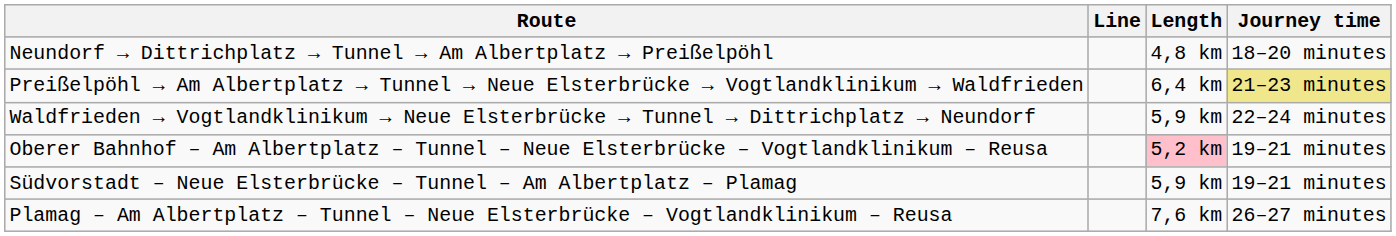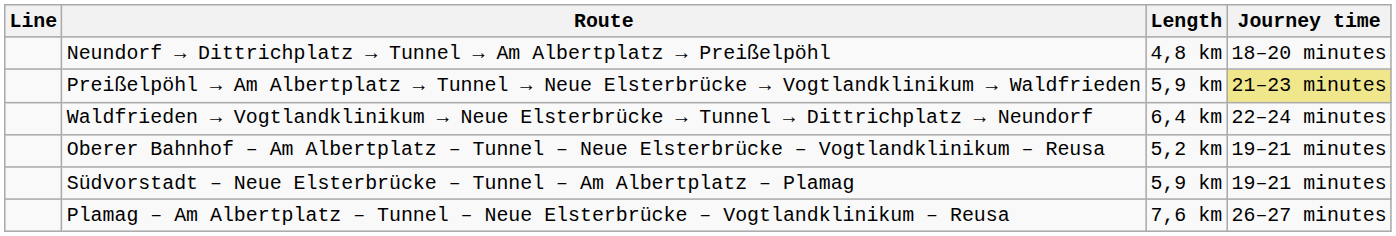 <table class="wikitable">
 <tr>
+<th>Line</th>
 <th>Route</th>
-<th>Line</th>
 <th>Length</th>
 <th>Journey time</th>
 </tr>
 <tr>
+<td></td>
 <td>Neundorf → Dittrichplatz → Tunnel → Am Albertplatz → Preißelpöhl</td>
-<td></td>
 <td>4,8 km</td>
 <td>18–20 minutes</td>
 </tr>
 <tr>
+<td></td>
 <td>Preißelpöhl → Am Albertplatz → Tunnel → Neue Elsterbrücke → Vogtlandklinikum → Waldfrieden</td>
-<td></td>
-<td>6,4 km</td>
+<td>5,9 km</td>
 <td style="background: khaki;">21–23 minutes</td>
 </tr>
 <tr>
+<td></td>
 <td>Waldfrieden → Vogtlandklinikum → Neue Elsterbrücke → Tunnel → Dittrichplatz → Neundorf</td>
-<td></td>
-<td>5,9 km</td>
+<td>6,4 km</td>
 <td>22–24 minutes</td>
 </tr>
 <tr>
+<td></td>
 <td>Oberer Bahnhof – Am Albertplatz – Tunnel – Neue Elsterbrücke – Vogtlandklinikum – Reusa</td>
-<td></td>
-<td style="background: pink;">5,2 km</td>
+<td>5,2 km</td>
 <td>19–21 minutes</td>
 </tr>
 <tr>
+<td></td>
 <td>Südvorstadt – Neue Elsterbrücke – Tunnel – Am Albertplatz – Plamag</td>
-<td></td>
 <td>5,9 km</td>
 <td>19–21 minutes</td>
 </tr>
 <tr>
+<td></td>
 <td>Plamag – Am Albertplatz – Tunnel – Neue Elsterbrücke – Vogtlandklinikum – Reusa</td>
-<td></td>
 <td>7,6 km</td>
 <td>26–27 minutes</td>
 </tr>
 </table>
